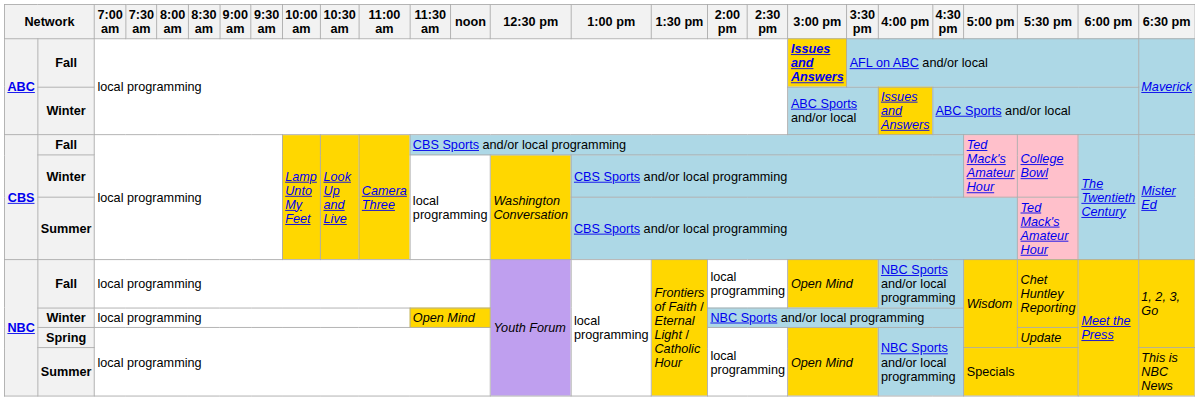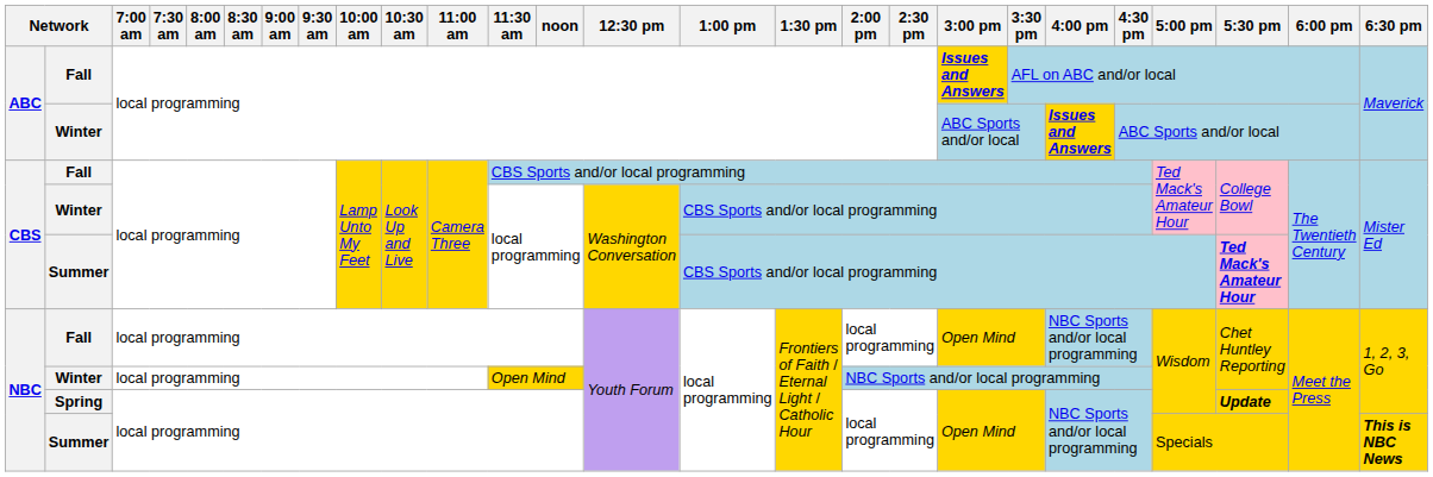 <table class=wikitable style="font-size:90%">
 <tr>
 <th width="1.5%" bgcolor="#C0C0C0" colspan="2">Network</th>
 <th width="13%" bgcolor="#C0C0C0">7:00 am</th>
 <th width="14%" bgcolor="#C0C0C0">7:30 am</th>
 <th width="13%" bgcolor="#C0C0C0">8:00 am</th>
 <th width="14%" bgcolor="#C0C0C0">8:30 am</th>
 <th width="13%" bgcolor="#C0C0C0">9:00 am</th>
 <th width="14%" bgcolor="#C0C0C0">9:30 am</th>
 <th width="13%" bgcolor="#C0C0C0">10:00 am</th>
 <th width="14%" bgcolor="#C0C0C0">10:30 am</th>
 <th width="13%" bgcolor="#C0C0C0">11:00 am</th>
 <th width="14%" bgcolor="#C0C0C0">11:30 am</th>
 <th width="13%" bgcolor="#C0C0C0">noon</th>
 <th width="14%" bgcolor="#C0C0C0">12:30 pm</th>
 <th width="13%" bgcolor="#C0C0C0">1:00 pm</th>
 <th width="14%" bgcolor="#C0C0C0">1:30 pm</th>
 <th width="13%" bgcolor="#C0C0C0">2:00 pm</th>
 <th width="14%" bgcolor="#C0C0C0">2:30 pm</th>
 <th width="13%" bgcolor="#C0C0C0">3:00 pm</th>
 <th width="14%" bgcolor="#C0C0C0">3:30 pm</th>
 <th width="13%" bgcolor="#C0C0C0">4:00 pm</th>
 <th width="14%" bgcolor="#C0C0C0">4:30 pm</th>
 <th width="13%" bgcolor="#C0C0C0">5:00 pm</th>
 <th width="14%" bgcolor="#C0C0C0">5:30 pm</th>
 <th width="13%" bgcolor="#C0C0C0">6:00 pm</th>
 <th width="14%" bgcolor="#C0C0C0">6:30 pm</th>
 </tr>
 <tr>
 <th bgcolor="#C0C0C0" rowspan=2><a href='#'>ABC</a></th>
 <th bgcolor=#C0C0C0>Fall</th>
 <td bgcolor="white" colspan="16" rowspan=2>local programming</td>
 <td bgcolor="gold"><strong><em><a href='#'>Issues and Answers</a></em></strong></td>
 <td bgcolor="lightblue" colspan=6><a href='#'>AFL on ABC</a> and/or local</td>
 <td bgcolor="lightblue" rowspan=2><em><a href='#'>Maverick</a></em></td>
 </tr>
 <tr>
 <th bgcolor=#C0C0C0>Winter</th>
 <td bgcolor="lightblue" colspan=2><a href='#'>ABC Sports</a> and/or local</td>
-<td bgcolor="gold"><em><a href='#'>Issues and Answers</a></em></td>
+<td bgcolor="gold"><strong><em><a href='#'>Issues and Answers</a></em></strong></td>
 <td bgcolor="lightblue" colspan=4><a href='#'>ABC Sports</a> and/or local</td>
 </tr>
 <tr>
 <th bgcolor="#C0C0C0" rowspan=3><a href='#'>CBS</a></th>
 <th bgcolor=#C0C0C0>Fall</th>
 <td bgcolor="white" colspan="6" rowspan=3>local programming</td>
 <td bgcolor=gold rowspan=3><em><a href='#'>Lamp Unto My Feet</a></em></td>
 <td bgcolor="gold" rowspan=3><em><a href='#'>Look Up and Live</a></em></td>
 <td bgcolor="gold" rowspan=3><em><a href='#'>Camera Three</a></em></td>
 <td bgcolor="lightblue" colspan=11><a href='#'>CBS Sports</a> and/or local programming</td>
 <td bgcolor="pink" rowspan=2><em><a href='#'>Ted Mack's Amateur Hour</a></em></td>
 <td bgcolor="pink" rowspan=2><em><a href='#'>College Bowl</a></em></td>
 <td bgcolor="lightblue" rowspan=3><em><a href='#'>The Twentieth Century</a></em></td>
 <td bgcolor="lightblue" rowspan=3><em><a href='#'>Mister Ed</a></em></td>
 </tr>
 <tr>
 <th bgcolor=#C0C0C0>Winter</th>
 <td bgcolor="white" colspan=2 rowspan=2>local programming</td>
 <td bgcolor="gold" rowspan=2><em>Washington Conversation</em></td>
 <td bgcolor="lightblue" colspan=8><a href='#'>CBS Sports</a> and/or local programming</td>
 </tr>
 <tr>
 <th bgcolor=#C0C0C0>Summer</th>
 <td bgcolor="lightblue" colspan=9><a href='#'>CBS Sports</a> and/or local programming</td>
-<td bgcolor="pink"><em><a href='#'>Ted Mack's Amateur Hour</a></em></td>
+<td bgcolor="pink"><strong><em><a href='#'>Ted Mack's Amateur Hour</a></em></strong></td>
 </tr>
 <tr>
 <th bgcolor="#C0C0C0" rowspan=4><a href='#'>NBC</a></th>
 <th bgcolor=#C0C0C0>Fall</th>
 <td bgcolor="white" colspan="11">local programming</td>
 <td bgcolor="bf9fef" rowspan=4><em>Youth Forum</em></td>
 <td bgcolor="white" rowspan=4>local programming</td>
 <td bgcolor="gold" rowspan=4><em>Frontiers of Faith</em> / <em>Eternal Light</em> / <em>Catholic Hour</em></td>
 <td bgcolor="white" colspan="2">local programming</td>
 <td bgcolor="gold" colspan="2"><em>Open Mind</em></td>
 <td bgcolor="lightblue" colspan="2"><a href='#'>NBC Sports</a> and/or local programming</td>
 <td bgcolor="gold" rowspan=3><em>Wisdom</em></td>
 <td bgcolor="gold" rowspan=2><em>Chet Huntley Reporting</em></td>
 <td bgcolor="gold" rowspan=4><em><a href='#'>Meet the Press</a></em></td>
 <td bgcolor="gold" rowspan=3><em>1, 2, 3, Go</em></td>
 </tr>
 <tr>
 <th bgcolor=#C0C0C0>Winter</th>
 <td bgcolor="white" colspan="9">local programming</td>
 <td bgcolor="gold" colspan="2"><em>Open Mind</em></td>
 <td bgcolor="lightblue" colspan="6"><a href='#'>NBC Sports</a> and/or local programming</td>
 </tr>
 <tr>
 <th bgcolor=#C0C0C0>Spring</th>
 <td bgcolor="white" colspan="11"rowspan=2>local programming</td>
 <td bgcolor="white" colspan="2"rowspan=2>local programming</td>
 <td bgcolor="gold" colspan="2"rowspan=2><em>Open Mind</em></td>
 <td bgcolor="lightblue" colspan="2"rowspan=2><a href='#'>NBC Sports</a> and/or local programming</td>
-<td bgcolor="gold"><em>Update</em></td>
+<td bgcolor="gold"><strong><em>Update</em></strong></td>
 </tr>
 <tr>
 <th bgcolor=#C0C0C0>Summer</th>
 <td bgcolor="gold" colspan="2"rowspan=2>Specials</td>
-<td bgcolor="gold"><em>This is NBC News</em></td>
+<td bgcolor="gold"><strong><em>This is NBC News</em></strong></td>
 </tr>
 </table>
